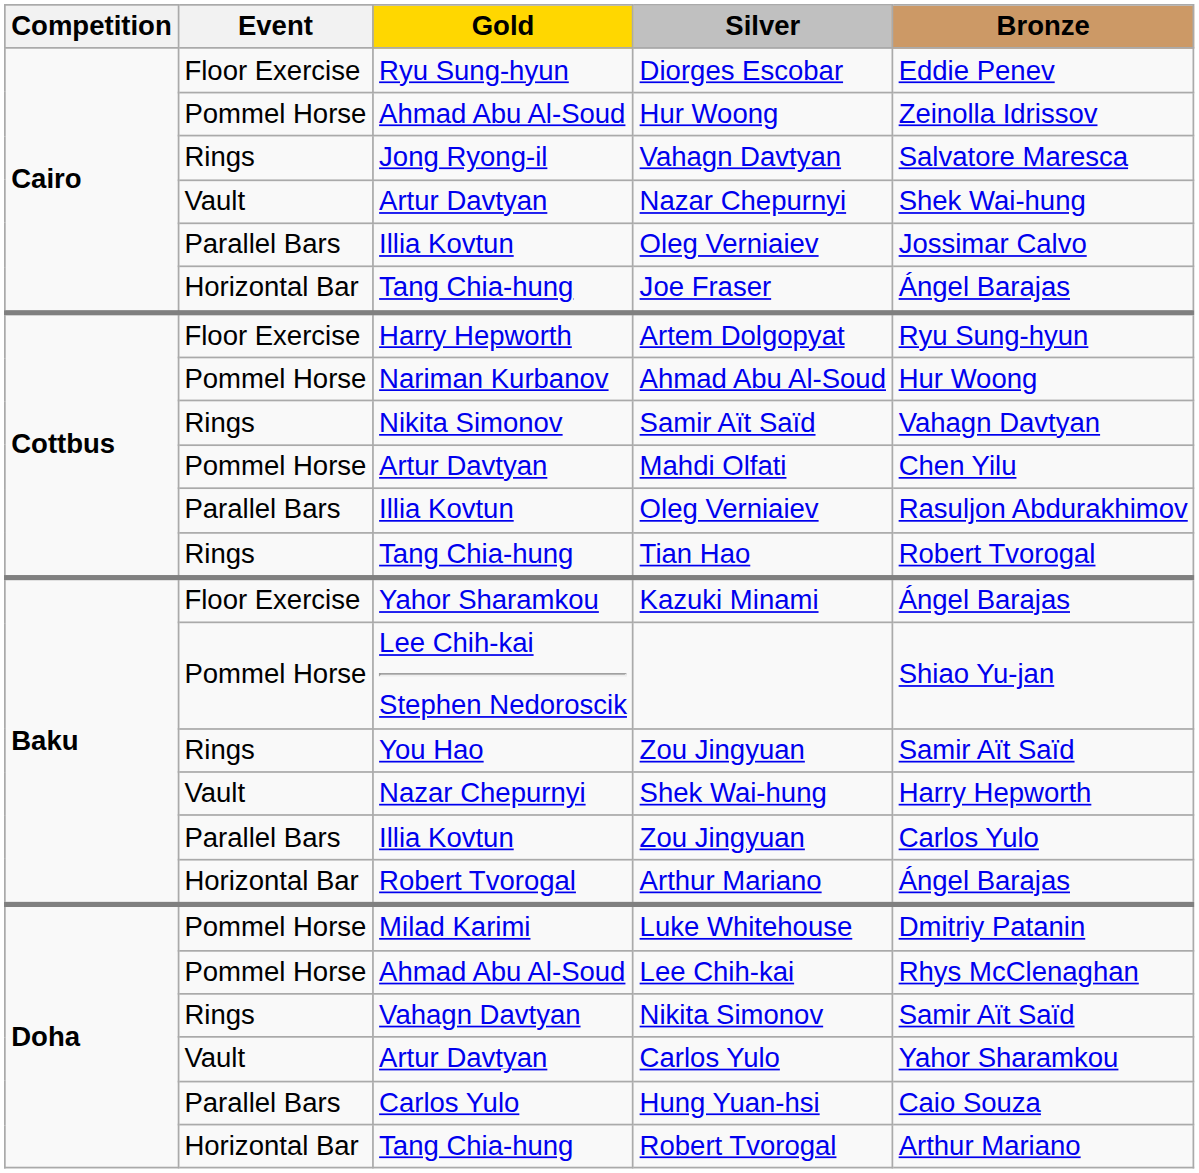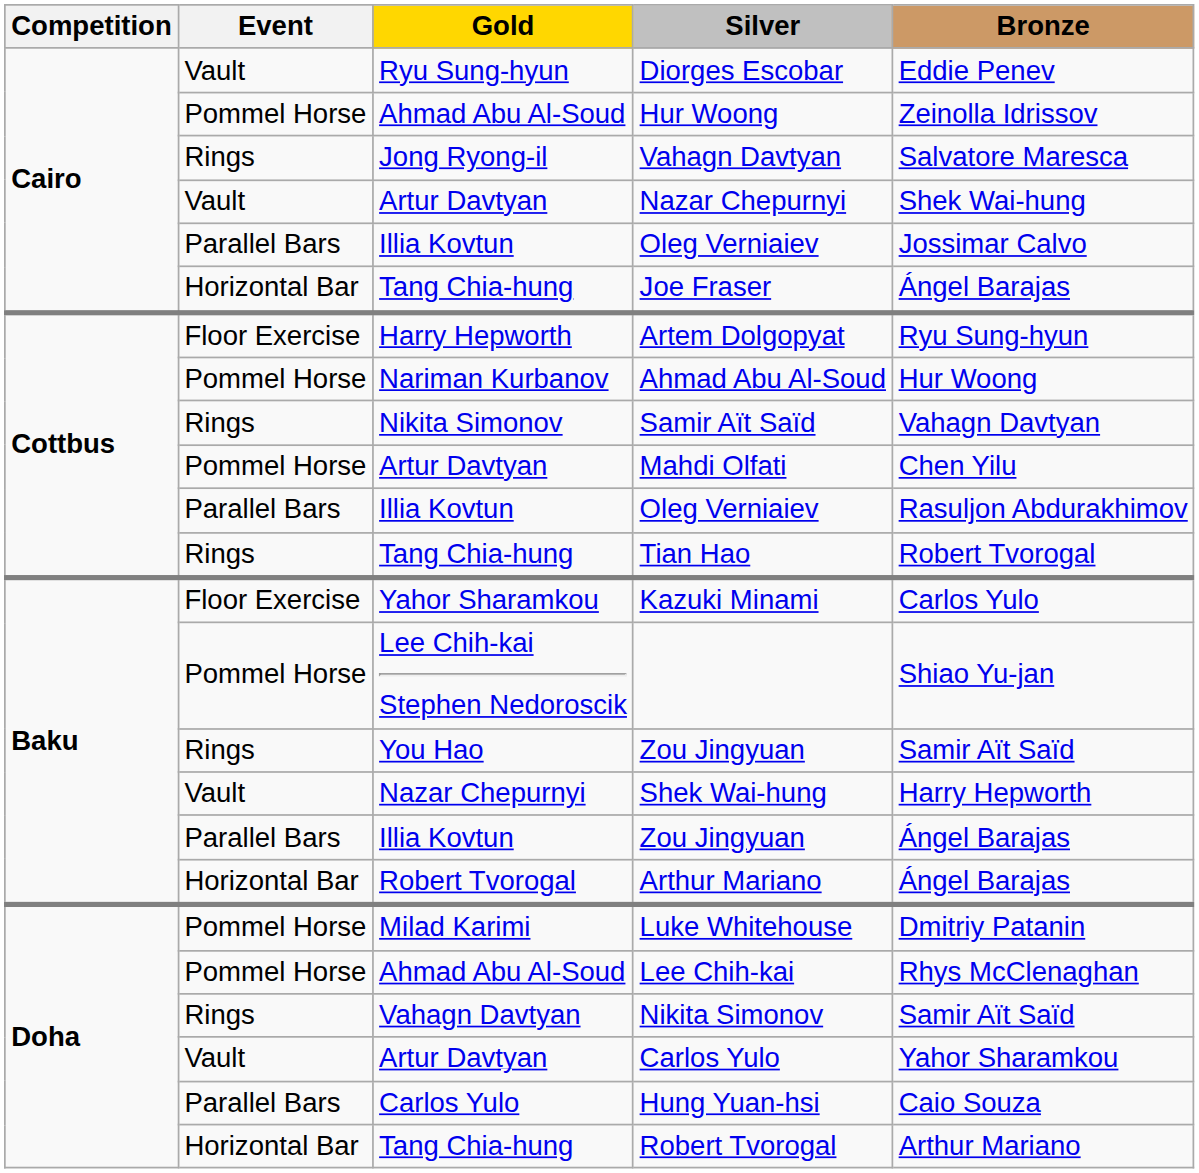 <table class="wikitable">
 <tr>
 <th style="text-align:center;">Competition</th>
 <th style="text-align:center;">Event</th>
 <td style="text-align:center; background:gold;"><strong>Gold</strong></td>
 <td style="text-align:center; background:silver;"><strong>Silver</strong></td>
 <td style="text-align:center; background:#c96;"><strong>Bronze</strong></td>
 </tr>
 <tr>
 <td rowspan=6><strong>Cairo</strong></td>
-<td>Floor Exercise</td>
+<td>Vault</td>
 <td> <a href='#'>Ryu Sung-hyun</a></td>
 <td> <a href='#'>Diorges Escobar</a></td>
 <td> <a href='#'>Eddie Penev</a></td>
 </tr>
 <tr>
 <td>Pommel Horse</td>
 <td> <a href='#'>Ahmad Abu Al-Soud</a></td>
 <td> <a href='#'>Hur Woong</a></td>
 <td> <a href='#'>Zeinolla Idrissov</a></td>
 </tr>
 <tr>
 <td>Rings</td>
 <td> <a href='#'>Jong Ryong-il</a></td>
 <td> <a href='#'>Vahagn Davtyan</a></td>
 <td> <a href='#'>Salvatore Maresca</a></td>
 </tr>
 <tr>
 <td>Vault</td>
 <td> <a href='#'>Artur Davtyan</a></td>
 <td> <a href='#'>Nazar Chepurnyi</a></td>
 <td> <a href='#'>Shek Wai-hung</a></td>
 </tr>
 <tr>
 <td>Parallel Bars</td>
 <td> <a href='#'>Illia Kovtun</a></td>
 <td> <a href='#'>Oleg Verniaiev</a></td>
 <td> <a href='#'>Jossimar Calvo</a></td>
 </tr>
 <tr>
 <td>Horizontal Bar</td>
 <td> <a href='#'>Tang Chia-hung</a></td>
 <td> <a href='#'>Joe Fraser</a></td>
 <td> <a href='#'>Ángel Barajas</a></td>
 </tr>
 <tr style="border-top: 3px solid grey;">
 <td rowspan=6><strong>Cottbus</strong></td>
 <td>Floor Exercise</td>
 <td> <a href='#'>Harry Hepworth</a></td>
 <td> <a href='#'>Artem Dolgopyat</a></td>
 <td> <a href='#'>Ryu Sung-hyun</a></td>
 </tr>
 <tr>
 <td>Pommel Horse</td>
 <td> <a href='#'>Nariman Kurbanov</a></td>
 <td> <a href='#'>Ahmad Abu Al-Soud</a></td>
 <td> <a href='#'>Hur Woong</a></td>
 </tr>
 <tr>
 <td>Rings</td>
 <td> <a href='#'>Nikita Simonov</a></td>
 <td> <a href='#'>Samir Aït Saïd</a></td>
 <td> <a href='#'>Vahagn Davtyan</a></td>
 </tr>
 <tr>
 <td>Pommel Horse</td>
 <td> <a href='#'>Artur Davtyan</a></td>
 <td> <a href='#'>Mahdi Olfati</a></td>
 <td> <a href='#'>Chen Yilu</a></td>
 </tr>
 <tr>
 <td>Parallel Bars</td>
 <td> <a href='#'>Illia Kovtun</a></td>
 <td> <a href='#'>Oleg Verniaiev</a></td>
 <td> <a href='#'>Rasuljon Abdurakhimov</a></td>
 </tr>
 <tr>
 <td>Rings</td>
 <td> <a href='#'>Tang Chia-hung</a></td>
 <td> <a href='#'>Tian Hao</a></td>
 <td> <a href='#'>Robert Tvorogal</a></td>
 </tr>
 <tr style="border-top: 3px solid grey;">
 <td rowspan=6><strong>Baku</strong></td>
 <td>Floor Exercise</td>
 <td> <a href='#'>Yahor Sharamkou</a></td>
 <td> <a href='#'>Kazuki Minami</a></td>
-<td> <a href='#'>Ángel Barajas</a></td>
+<td> <a href='#'>Carlos Yulo</a></td>
 </tr>
 <tr>
 <td>Pommel Horse</td>
 <td> <a href='#'>Lee Chih-kai</a><hr> <a href='#'>Stephen Nedoroscik</a></td>
 <td></td>
 <td> <a href='#'>Shiao Yu-jan</a></td>
 </tr>
 <tr>
 <td>Rings</td>
 <td> <a href='#'>You Hao</a></td>
 <td> <a href='#'>Zou Jingyuan</a></td>
 <td> <a href='#'>Samir Aït Saïd</a></td>
 </tr>
 <tr>
 <td>Vault</td>
 <td> <a href='#'>Nazar Chepurnyi</a></td>
 <td> <a href='#'>Shek Wai-hung</a></td>
 <td> <a href='#'>Harry Hepworth</a></td>
 </tr>
 <tr>
 <td>Parallel Bars</td>
 <td> <a href='#'>Illia Kovtun</a></td>
 <td> <a href='#'>Zou Jingyuan</a></td>
-<td> <a href='#'>Carlos Yulo</a></td>
+<td> <a href='#'>Ángel Barajas</a></td>
 </tr>
 <tr>
 <td>Horizontal Bar</td>
 <td> <a href='#'>Robert Tvorogal</a></td>
 <td> <a href='#'>Arthur Mariano</a></td>
 <td> <a href='#'>Ángel Barajas</a></td>
 </tr>
 <tr style="border-top: 3px solid grey;">
 <td rowspan=6><strong>Doha</strong></td>
 <td>Pommel Horse</td>
 <td> <a href='#'>Milad Karimi</a></td>
 <td> <a href='#'>Luke Whitehouse</a></td>
 <td> <a href='#'>Dmitriy Patanin</a></td>
 </tr>
 <tr>
 <td>Pommel Horse</td>
 <td> <a href='#'>Ahmad Abu Al-Soud</a></td>
 <td> <a href='#'>Lee Chih-kai</a></td>
 <td> <a href='#'>Rhys McClenaghan</a></td>
 </tr>
 <tr>
 <td>Rings</td>
 <td> <a href='#'>Vahagn Davtyan</a></td>
 <td> <a href='#'>Nikita Simonov</a></td>
 <td> <a href='#'>Samir Aït Saïd</a></td>
 </tr>
 <tr>
 <td>Vault</td>
 <td> <a href='#'>Artur Davtyan</a></td>
 <td> <a href='#'>Carlos Yulo</a></td>
 <td> <a href='#'>Yahor Sharamkou</a></td>
 </tr>
 <tr>
 <td>Parallel Bars</td>
 <td> <a href='#'>Carlos Yulo</a></td>
 <td> <a href='#'>Hung Yuan-hsi</a></td>
 <td> <a href='#'>Caio Souza</a></td>
 </tr>
 <tr>
 <td>Horizontal Bar</td>
 <td> <a href='#'>Tang Chia-hung</a></td>
 <td> <a href='#'>Robert Tvorogal</a></td>
 <td> <a href='#'>Arthur Mariano</a></td>
 </tr>
 </table>
